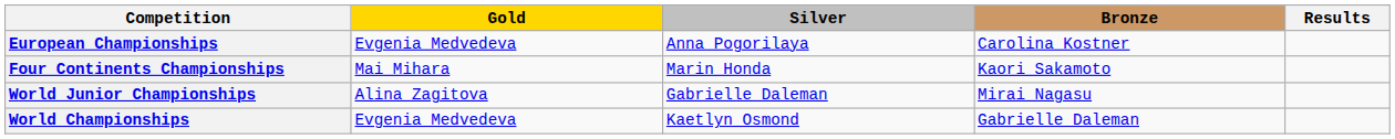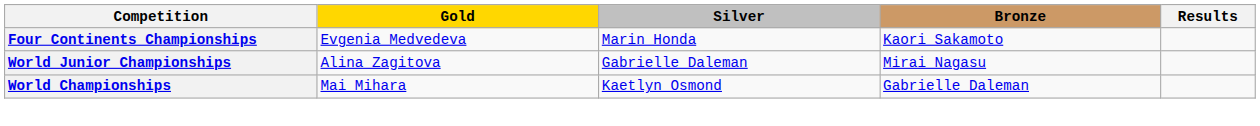 <table class="wikitable unsortable" style="text-align:left; width:90%">
 <tr>
 <th scope="col" style="text-align:center; width:25%;">Competition</th>
 <td scope="col" style="text-align:center; width:22.5%; background:gold"><strong>Gold</strong></td>
 <td scope="col" style="text-align:center; width:22.5%; background:silver"><strong>Silver</strong></td>
 <td scope="col" style="text-align:center; width:22.5%; background:#c96"><strong>Bronze</strong></td>
 <th scope="col" style="text-align:center; width:7.5%;">Results</th>
 </tr>
 <tr>
-<th scope="row" style="text-align:left"> <a href='#'>European Championships</a></th>
+<th scope="row" style="text-align:left"> <a href='#'>Four Continents Championships</a></th>
 <td> <a href='#'>Evgenia Medvedeva</a></td>
-<td> <a href='#'>Anna Pogorilaya</a></td>
-<td> <a href='#'>Carolina Kostner</a></td>
-<td></td>
-</tr>
-<tr>
-<th scope="row" style="text-align:left"> <a href='#'>Four Continents Championships</a></th>
-<td> <a href='#'>Mai Mihara</a></td>
 <td> <a href='#'>Marin Honda</a></td>
 <td> <a href='#'>Kaori Sakamoto</a></td>
 <td></td>
 </tr>
 <tr>
 <th scope="row" style="text-align:left"> <a href='#'>World Junior Championships</a></th>
 <td> <a href='#'>Alina Zagitova</a></td>
 <td> <a href='#'>Gabrielle Daleman</a></td>
 <td> <a href='#'>Mirai Nagasu</a></td>
 <td></td>
 </tr>
 <tr>
 <th scope="row" style="text-align:left"> <a href='#'>World Championships</a></th>
-<td> <a href='#'>Evgenia Medvedeva</a></td>
+<td> <a href='#'>Mai Mihara</a></td>
 <td> <a href='#'>Kaetlyn Osmond</a></td>
 <td> <a href='#'>Gabrielle Daleman</a></td>
 <td></td>
 </tr>
 </table>
